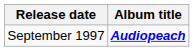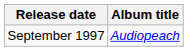 <table class="wikitable">
 <tr>
 <th>Release date</th>
 <th>Album title</th>
 </tr>
 <tr>
 <td>September 1997</td>
-<td><strong><em><a href='#'>Audiopeach</a></em></strong></td>
+<td><em><a href='#'>Audiopeach</a></em></td>
 </tr>
 </table>
